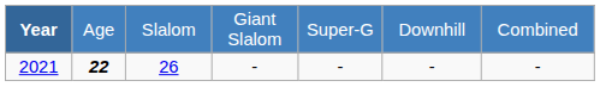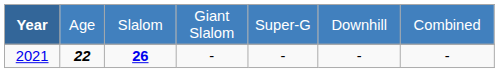 <table class="wikitable" style="font-size:95%; text-align:center; border:grey solid 1px; border-collapse:collapse;" width="40%">
 <tr style="background-color:#369; color:white;">
 <td rowspan="2" colspan="1" width="4%"><strong>Year</strong></td>
 </tr>
 <tr style="background-color:#4180be; color:white;">
 <td width="3%">Age</td>
 <td width="5%">Slalom</td>
 <td width="5%">Giant<br>Slalom</td>
 <td width="5%">Super-G</td>
 <td width="5%">Downhill</td>
 <td width="5%">Combined</td>
 </tr>
 <tr style="background-color:#8CB2D8; color:white;">
 </tr>
 <tr>
 <td><a href='#'>2021</a></td>
 <td><strong><em>22</em></strong></td>
-<td><a href='#'>26</a></td>
+<td><strong><a href='#'>26</a></strong></td>
 <td>-</td>
 <td>-</td>
 <td>-</td>
 <td>-</td>
 </tr>
 </table>
